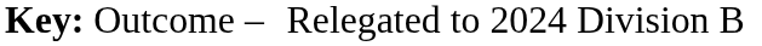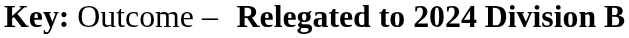 <table style="font-size: 85%;">
 <tr>
 <td height=5></td>
 </tr>
 <tr>
 <td><strong>Key:</strong> Outcome –</td>
 <td></td>
-<td>Relegated to 2024 Division B</td>
+<td><strong>Relegated to 2024 Division B</strong></td>
 </tr>
 </table>
